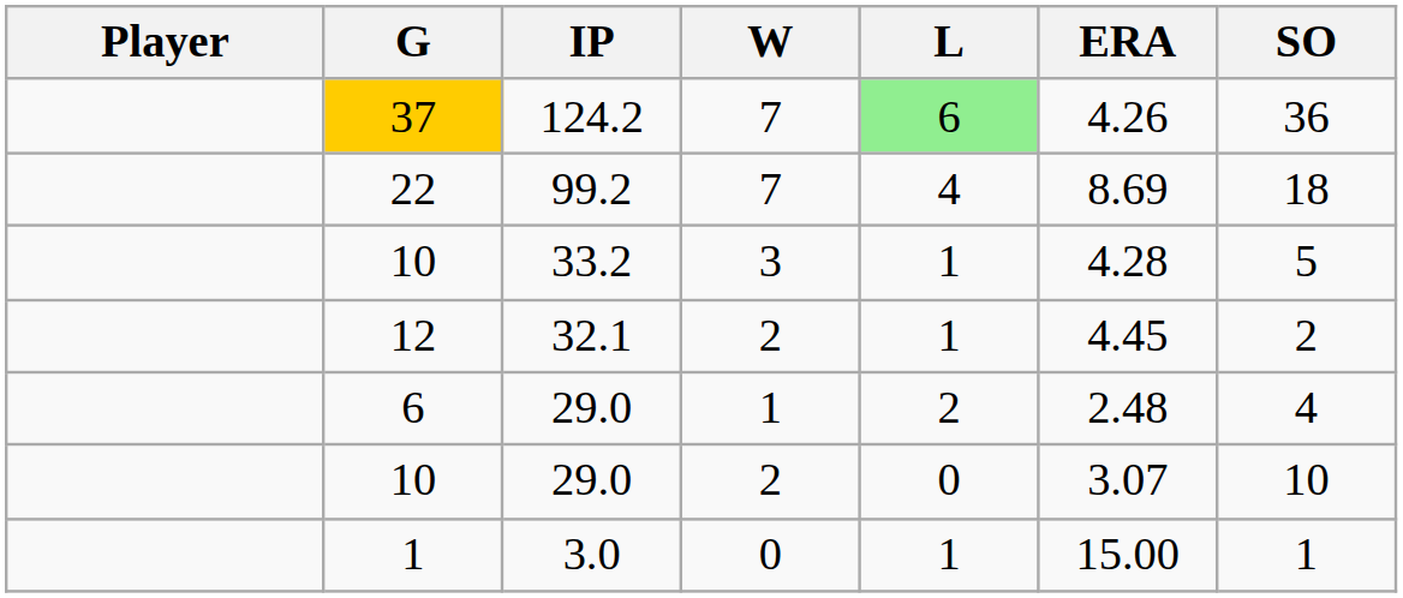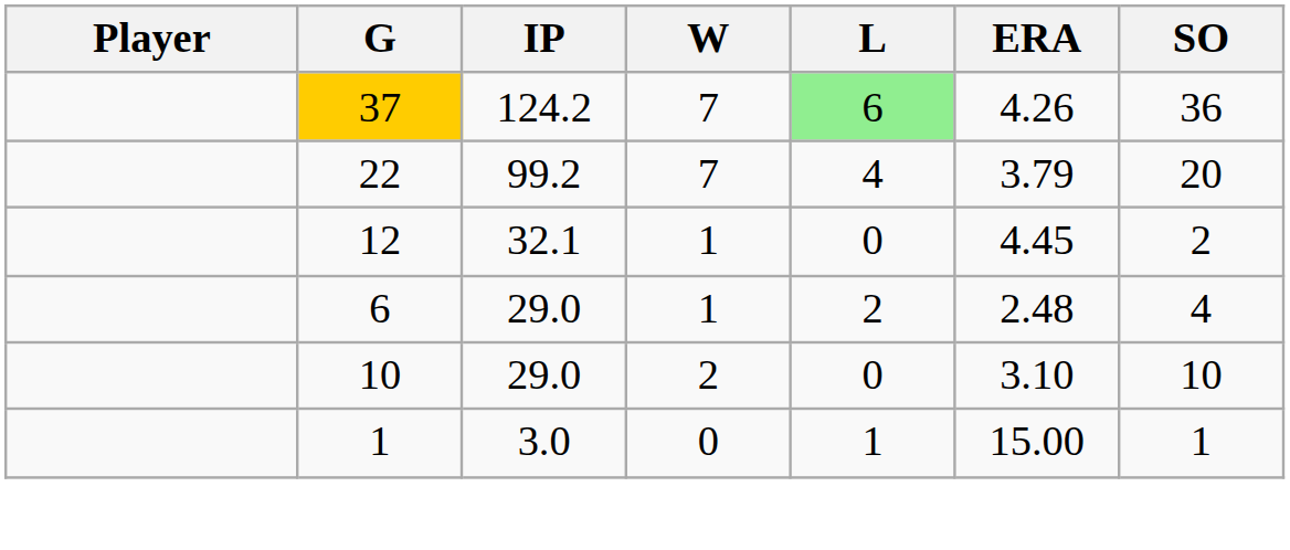 <table class="wikitable sortable">
 <tr>
 <th bgcolor="#DDDDFF" width="16%">Player</th>
 <th bgcolor="#DDDDFF" width="9%">G</th>
 <th bgcolor="#DDDDFF" width="9%">IP</th>
 <th bgcolor="#DDDDFF" width="9%">W</th>
 <th bgcolor="#DDDDFF" width="9%">L</th>
 <th bgcolor="#DDDDFF" width="9%">ERA</th>
 <th bgcolor="#DDDDFF" width="9%">SO</th>
 </tr>
 <tr align="center">
 <td></td>
 <td style="background:#fc0;">37</td>
 <td>124.2</td>
 <td>7</td>
 <td style="background: lightgreen;">6</td>
 <td>4.26</td>
 <td>36</td>
 </tr>
 <tr align="center">
 <td></td>
 <td>22</td>
 <td>99.2</td>
 <td>7</td>
 <td>4</td>
-<td>8.69</td>
-<td>18</td>
-</tr>
-<tr align="center">
-<td></td>
-<td>10</td>
-<td>33.2</td>
-<td>3</td>
-<td>1</td>
-<td>4.28</td>
-<td>5</td>
+<td>3.79</td>
+<td>20</td>
 </tr>
 <tr align="center">
 <td></td>
 <td>12</td>
 <td>32.1</td>
-<td>2</td>
 <td>1</td>
+<td>0</td>
 <td>4.45</td>
 <td>2</td>
 </tr>
 <tr align="center">
 <td></td>
 <td>6</td>
 <td>29.0</td>
 <td>1</td>
 <td>2</td>
 <td>2.48</td>
 <td>4</td>
 </tr>
 <tr align="center">
 <td></td>
 <td>10</td>
 <td>29.0</td>
 <td>2</td>
 <td>0</td>
-<td>3.07</td>
+<td>3.10</td>
 <td>10</td>
 </tr>
 <tr align="center">
 <td></td>
 <td>1</td>
 <td>3.0</td>
 <td>0</td>
 <td>1</td>
 <td>15.00</td>
 <td>1</td>
 </tr>
 </table>
